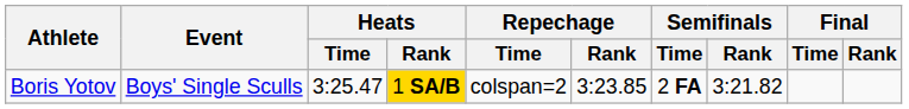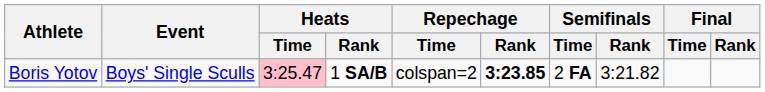 <table class="wikitable" style="font-size:90%">
 <tr>
 <th rowspan="2">Athlete</th>
 <th rowspan="2">Event</th>
 <th colspan="2">Heats</th>
 <th colspan="2">Repechage</th>
 <th colspan="2">Semifinals</th>
 <th colspan="2">Final</th>
 </tr>
 <tr style="font-size:95%">
 <th>Time</th>
 <th>Rank</th>
 <th>Time</th>
 <th>Rank</th>
 <th>Time</th>
 <th>Rank</th>
 <th>Time</th>
 <th>Rank</th>
 </tr>
 <tr align=center>
 <td align=left><a href='#'>Boris Yotov</a></td>
 <td align=left><a href='#'>Boys' Single Sculls</a></td>
-<td>3:25.47</td>
-<td style="background: gold;">1 <strong>SA/B</strong></td>
+<td style="background: pink;">3:25.47</td>
+<td>1 <strong>SA/B</strong></td>
 <td>colspan=2 </td>
-<td>3:23.85</td>
+<td><strong>3:23.85</strong></td>
 <td>2 <strong>FA</strong></td>
 <td>3:21.82</td>
 <td></td>
 </tr>
 </table>
